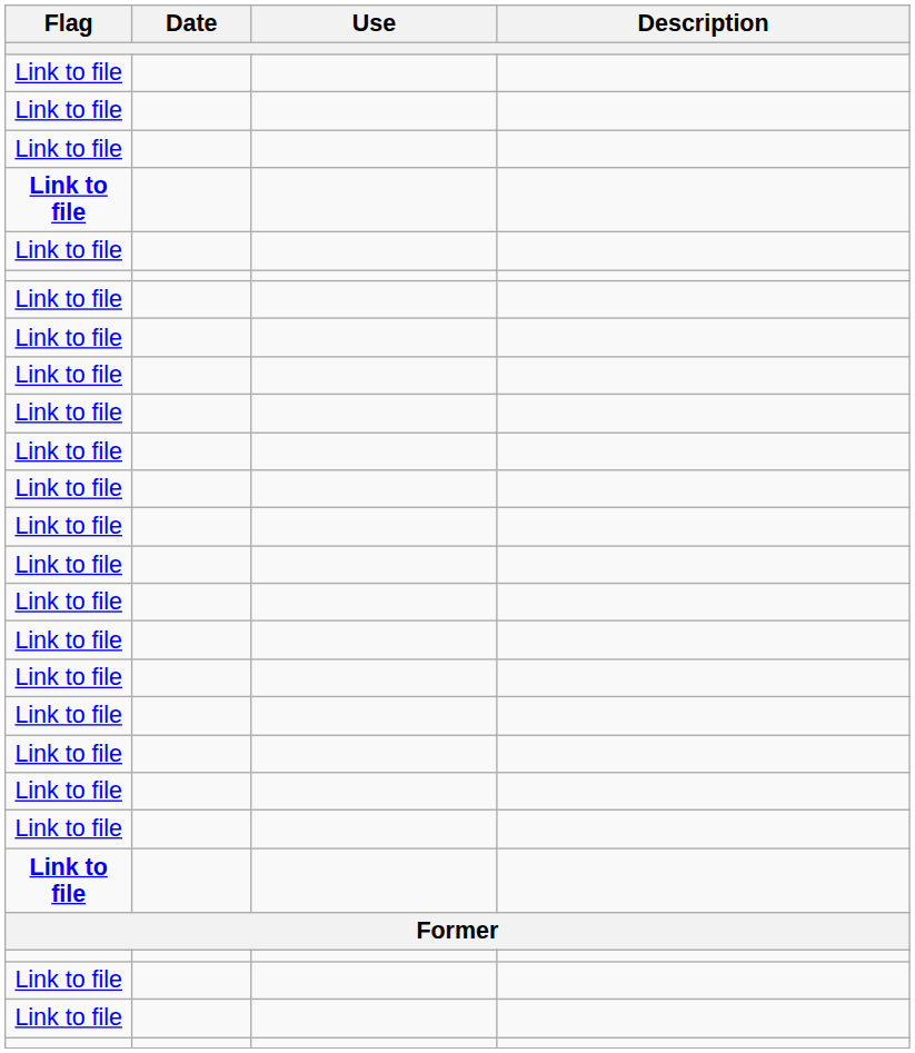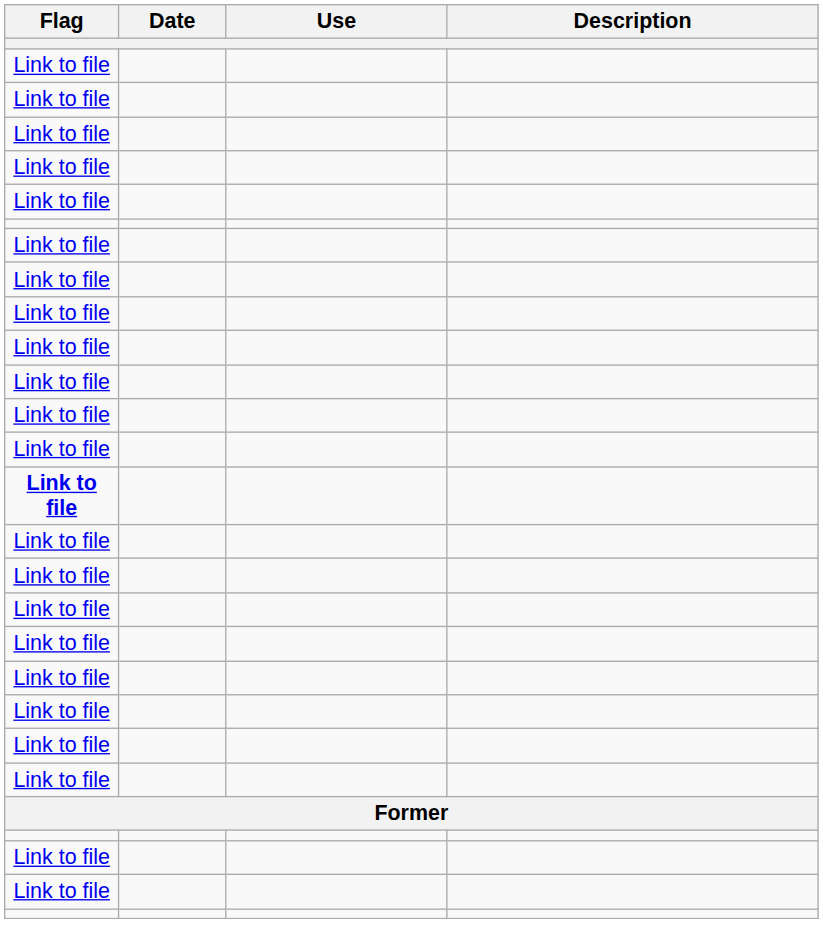 <table class="wikitable" style="background:#f9f9f9">
 <tr>
 <th width="110">Flag</th>
 <th width="100">Date</th>
 <th width="250">Use</th>
 <th width="400">Description</th>
 </tr>
 <tr>
 <th colspan="4"></th>
 </tr>
 <tr>
 <td style="text-align:center;"><a href='#'>Link to file</a></td>
 <td></td>
 <td></td>
 <td></td>
 </tr>
 <tr>
 <td style="text-align:center;"><a href='#'>Link to file</a></td>
 <td></td>
 <td></td>
 <td></td>
 </tr>
 <tr>
 <td style="text-align:center;"><a href='#'>Link to file</a></td>
 <td></td>
 <td></td>
 <td></td>
 </tr>
 <tr>
-<td style="text-align:center;"><strong><a href='#'>Link to file</a></strong></td>
+<td style="text-align:center;"><a href='#'>Link to file</a></td>
 <td></td>
 <td></td>
 <td></td>
 </tr>
 <tr>
 <td style="text-align:center;"><a href='#'>Link to file</a></td>
 <td></td>
 <td></td>
 <td></td>
 </tr>
 <tr>
 <td></td>
 <td></td>
 <td></td>
 <td></td>
 </tr>
 <tr>
 <td style="text-align:center;"><a href='#'>Link to file</a></td>
 <td></td>
 <td></td>
 <td></td>
 </tr>
 <tr>
 <td style="text-align:center;"><a href='#'>Link to file</a></td>
 <td></td>
 <td></td>
 <td></td>
 </tr>
 <tr>
 <td style="text-align:center;"><a href='#'>Link to file</a></td>
 <td></td>
 <td></td>
 <td></td>
 </tr>
 <tr>
 <td style="text-align:center;"><a href='#'>Link to file</a></td>
 <td></td>
 <td></td>
 <td></td>
 </tr>
 <tr>
 <td style="text-align:center;"><a href='#'>Link to file</a></td>
 <td></td>
 <td></td>
 <td></td>
 </tr>
 <tr>
 <td style="text-align:center;"><a href='#'>Link to file</a></td>
 <td></td>
 <td></td>
 <td></td>
 </tr>
 <tr>
 <td style="text-align:center;"><a href='#'>Link to file</a></td>
 <td></td>
 <td></td>
 <td></td>
 </tr>
 <tr>
+<td style="text-align:center;"><strong><a href='#'>Link to file</a></strong></td>
+<td></td>
+<td></td>
+<td></td>
+</tr>
+<tr>
 <td style="text-align:center;"><a href='#'>Link to file</a></td>
 <td></td>
 <td></td>
 <td></td>
 </tr>
 <tr>
 <td style="text-align:center;"><a href='#'>Link to file</a></td>
 <td></td>
 <td></td>
 <td></td>
 </tr>
 <tr>
 <td style="text-align:center;"><a href='#'>Link to file</a></td>
 <td></td>
 <td></td>
 <td></td>
 </tr>
 <tr>
 <td style="text-align:center;"><a href='#'>Link to file</a></td>
 <td></td>
 <td></td>
 <td></td>
 </tr>
 <tr>
 <td style="text-align:center;"><a href='#'>Link to file</a></td>
 <td></td>
 <td></td>
 <td></td>
 </tr>
 <tr>
 <td style="text-align:center;"><a href='#'>Link to file</a></td>
 <td></td>
 <td></td>
 <td></td>
 </tr>
 <tr>
 <td style="text-align:center;"><a href='#'>Link to file</a></td>
 <td></td>
 <td></td>
 <td></td>
 </tr>
 <tr>
 <td style="text-align:center;"><a href='#'>Link to file</a></td>
 <td></td>
 <td></td>
 <td></td>
 </tr>
 <tr>
-<td style="text-align:center;"><strong><a href='#'>Link to file</a></strong></td>
-<td></td>
-<td></td>
-<td></td>
-</tr>
-<tr>
 <th colspan="4">Former</th>
 </tr>
 <tr>
 <td></td>
 <td></td>
 <td></td>
 <td></td>
 </tr>
 <tr>
 <td style="text-align:center;"><a href='#'>Link to file</a></td>
 <td></td>
 <td></td>
 <td></td>
 </tr>
 <tr>
 <td style="text-align:center;"><a href='#'>Link to file</a></td>
 <td></td>
 <td></td>
 <td></td>
 </tr>
 <tr>
 <td></td>
 <td></td>
 <td></td>
 <td></td>
 </tr>
 </table>
